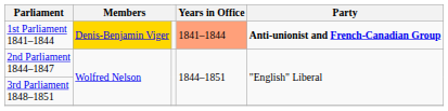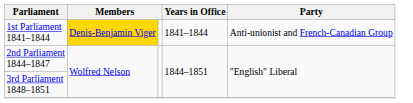 <table class="wikitable">
 <tr>
 <th>Parliament</th>
 <th colspan = "2">Members</th>
 <th>Years in Office</th>
 <th>Party</th>
 </tr>
 <tr>
 <td><a href='#'>1st Parliament</a><br>1841–1844</td>
 <td style="background: gold;"><a href='#'>Denis-Benjamin Viger</a></td>
 <td></td>
-<td style="background: lightsalmon;">1841–1844</td>
-<td><strong>Anti-unionist and <a href='#'>French-Canadian Group</a></strong></td>
+<td>1841–1844</td>
+<td>Anti-unionist and <a href='#'>French-Canadian Group</a></td>
 </tr>
 <tr>
 <td><a href='#'>2nd Parliament</a><br>1844–1847</td>
 <td rowspan="2"><a href='#'>Wolfred Nelson</a></td>
 <td rowspan="2"></td>
 <td rowspan="2">1844–1851</td>
 <td rowspan="2">"English" Liberal</td>
 </tr>
 <tr>
 <td><a href='#'>3rd Parliament</a><br>1848–1851</td>
 </tr>
 <tr>
 </tr>
 </table>
